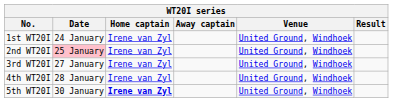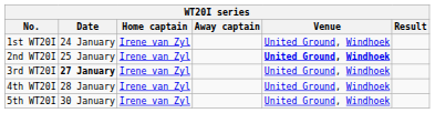 <table class="wikitable">
 <tr>
 <th colspan="9">WT20I series</th>
 </tr>
 <tr>
 <th>No.</th>
 <th>Date</th>
 <th>Home captain</th>
 <th>Away captain</th>
 <th>Venue</th>
 <th>Result</th>
 </tr>
 <tr>
 <td>1st WT20I</td>
 <td>24 January</td>
 <td><a href='#'>Irene van Zyl</a></td>
 <td></td>
 <td><a href='#'>United Ground</a>, <a href='#'>Windhoek</a></td>
 <td></td>
 </tr>
 <tr>
 <td>2nd WT20I</td>
-<td style="background: pink;">25 January</td>
+<td>25 January</td>
 <td><a href='#'>Irene van Zyl</a></td>
 <td></td>
-<td><a href='#'>United Ground</a>, <a href='#'>Windhoek</a></td>
+<td><strong><a href='#'>United Ground</a>, <a href='#'>Windhoek</a></strong></td>
 <td></td>
 </tr>
 <tr>
 <td>3rd WT20I</td>
-<td>27 January</td>
+<td><strong>27 January</strong></td>
 <td><a href='#'>Irene van Zyl</a></td>
 <td></td>
 <td><a href='#'>United Ground</a>, <a href='#'>Windhoek</a></td>
 <td></td>
 </tr>
 <tr>
 <td>4th WT20I</td>
 <td>28 January</td>
 <td><a href='#'>Irene van Zyl</a></td>
 <td></td>
 <td><a href='#'>United Ground</a>, <a href='#'>Windhoek</a></td>
 <td></td>
 </tr>
 <tr>
 <td>5th WT20I</td>
 <td>30 January</td>
-<td><strong><a href='#'>Irene van Zyl</a></strong></td>
+<td><a href='#'>Irene van Zyl</a></td>
 <td></td>
 <td><a href='#'>United Ground</a>, <a href='#'>Windhoek</a></td>
 <td></td>
 </tr>
 </table>
